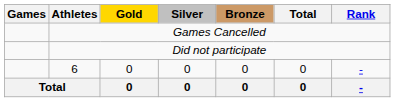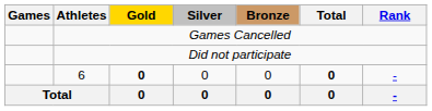 <table class="wikitable sortable" style="text-align:center; font-size:90%;">
 <tr>
 <th>Games</th>
 <th>Athletes</th>
 <th style="background:gold; width:4.5em; font-weight:bold;">Gold</th>
 <th style="background:silver; width:4.5em; font-weight:bold;">Silver</th>
 <th style="background:#cc9966; width:4.5em; font-weight:bold;">Bronze</th>
 <th style="width:4.5em; font-weight:bold;">Total</th>
 <th style="width:4.5em; font-weight:bold;"><a href='#'>Rank</a></th>
 </tr>
 <tr>
 <td align=left></td>
 <td rowspan=1 colspan=6><em>Games Cancelled</em></td>
 </tr>
 <tr>
 <td align=left></td>
 <td rowspan=1 colspan=6><em>Did not participate</em></td>
 </tr>
 <tr>
 <td align=left></td>
 <td>6</td>
+<td><strong>0</strong></td>
 <td>0</td>
 <td>0</td>
-<td>0</td>
-<td>0</td>
+<td><strong>0</strong></td>
 <td><a href='#'>-</a></td>
 </tr>
 <tr>
 <th colspan=2>Total</th>
 <th>0</th>
 <th>0</th>
 <th>0</th>
 <th>0</th>
 <th><a href='#'>-</a></th>
 </tr>
 </table>
